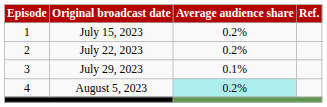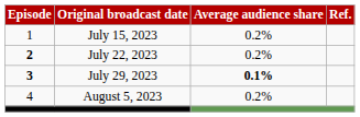 <table class="wikitable">
 <tr>
 <th style="background-color:#B50000; color:white;">Episode</th>
 <th style="background-color:#B50000; color:white;">Original broadcast date</th>
 <th style="background-color:#B50000; color:white;">Average audience share</th>
 <th style="background-color:#B50000; color:white;">Ref.</th>
 </tr>
 <tr>
 <td style="text-align: center;">1</td>
 <td style="text-align: center;">July 15, 2023</td>
 <td style="text-align: center;">0.2%</td>
 <td align="center"></td>
 </tr>
 <tr>
-<td style="text-align: center;">2</td>
+<td style="text-align: center;"><strong>2</strong></td>
 <td style="text-align: center;">July 22, 2023</td>
 <td style="text-align: center;">0.2%</td>
 <td align="center"></td>
 </tr>
 <tr>
-<td style="text-align: center;">3</td>
+<td style="text-align: center;"><strong>3</strong></td>
 <td style="text-align: center;">July 29, 2023</td>
-<td style="text-align: center;">0.1%</td>
+<td style="text-align: center;"><strong>0.1%</strong></td>
 <td align="center"></td>
 </tr>
 <tr>
 <td style="text-align: center;">4</td>
 <td style="text-align: center;">August 5, 2023</td>
-<td style="background: paleturquoise; text-align: center;">0.2%</td>
+<td style="text-align: center;">0.2%</td>
 <td align="center"></td>
 </tr>
 <tr>
 <td colspan="2" style="background-color:#000000; text-align:center;"></td>
 <td colspan="2" style="background-color:#5f9950; text-align:center;"></td>
 </tr>
 </table>
